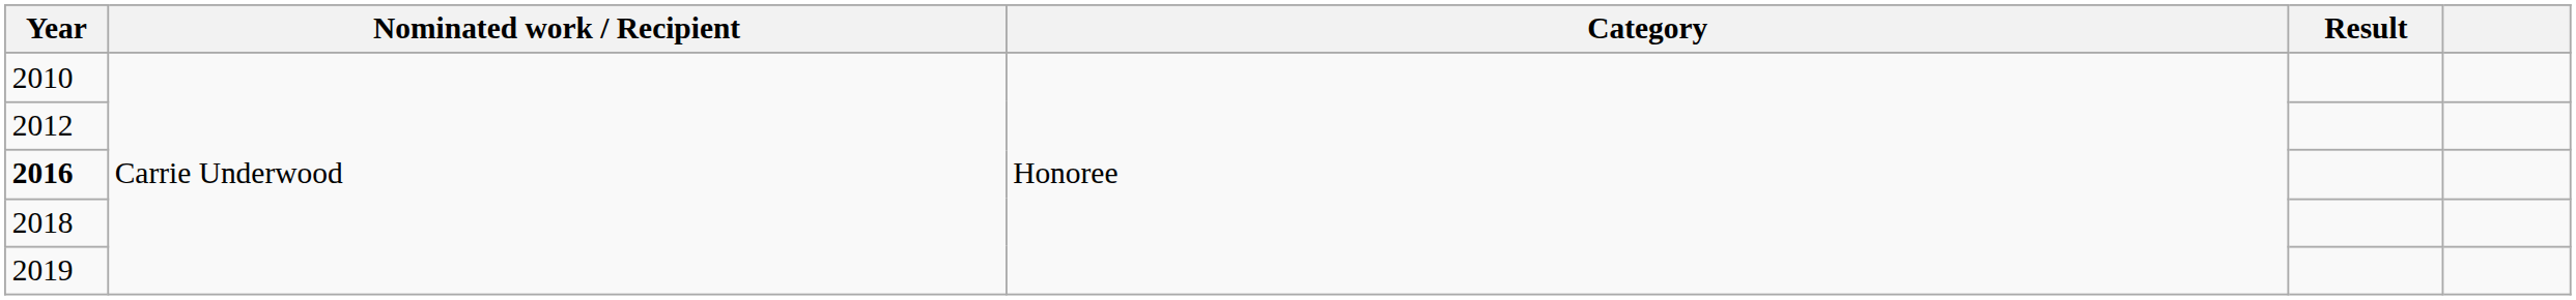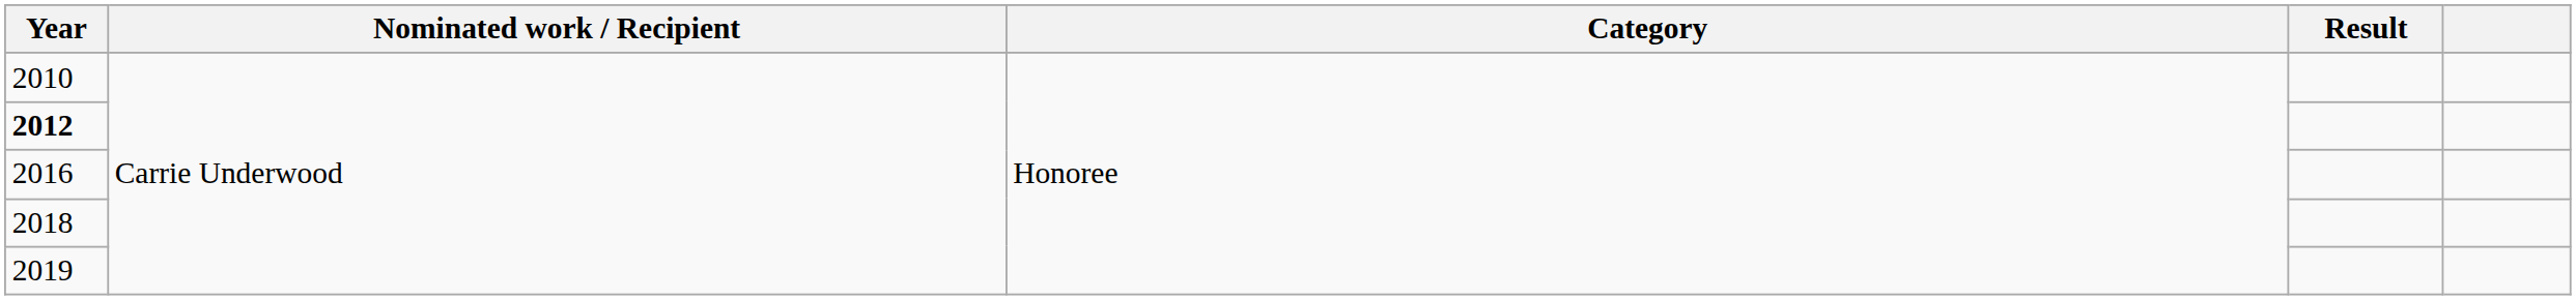 <table class="wikitable plainrowheaders" style="width:85%;">
 <tr>
 <th scope="col" style="width:4%;">Year</th>
 <th scope="col" style="width:35%;">Nominated work / Recipient</th>
 <th scope="col" style="width:50%;">Category</th>
 <th scope="col" style="width:6%;">Result</th>
 <th scope="col" style="width:6%;"></th>
 </tr>
 <tr>
 <td>2010</td>
 <td rowspan=5>Carrie Underwood</td>
 <td rowspan=5>Honoree</td>
 <td></td>
 <td></td>
 </tr>
 <tr>
-<td>2012</td>
+<td><strong>2012</strong></td>
 <td></td>
 <td></td>
 </tr>
 <tr>
-<td><strong>2016</strong></td>
+<td>2016</td>
 <td></td>
 <td></td>
 </tr>
 <tr>
 <td>2018</td>
 <td></td>
 <td></td>
 </tr>
 <tr>
 <td>2019</td>
 <td></td>
 <td></td>
 </tr>
 </table>
